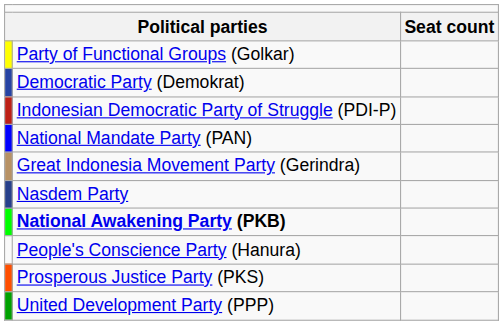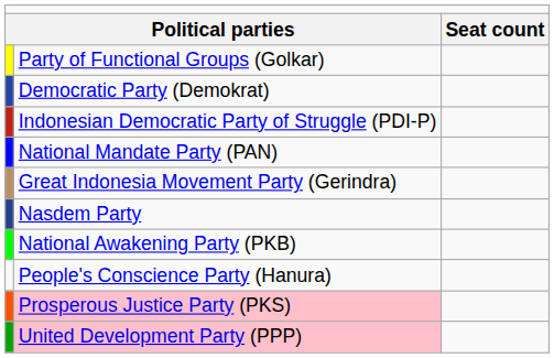 <table class="wikitable">
 <tr>
 <td colspan="4"></td>
 </tr>
 <tr>
 <th colspan="2">Political parties</th>
 <th>Seat count</th>
 </tr>
 <tr>
 <td bgcolor=#FFFF00></td>
 <td><a href='#'>Party of Functional Groups</a> (Golkar)</td>
 <td></td>
 </tr>
 <tr>
 <td bgcolor=#2643A3></td>
 <td><a href='#'>Democratic Party</a> (Demokrat)</td>
 <td></td>
 </tr>
 <tr>
 <td bgcolor=#BD2016></td>
 <td><a href='#'>Indonesian Democratic Party of Struggle</a> (PDI-P)</td>
 <td></td>
 </tr>
 <tr>
 <td bgcolor=#0000FF></td>
 <td><a href='#'>National Mandate Party</a> (PAN)</td>
 <td></td>
 </tr>
 <tr>
 <td bgcolor=#B79164></td>
 <td><a href='#'>Great Indonesia Movement Party</a> (Gerindra)</td>
 <td></td>
 </tr>
 <tr>
 <td bgcolor=#27408B></td>
 <td><a href='#'>Nasdem Party</a></td>
 <td></td>
 </tr>
 <tr>
 <td bgcolor=#00FF00></td>
-<td><strong><a href='#'>National Awakening Party</a> (PKB)</strong></td>
+<td><a href='#'>National Awakening Party</a> (PKB)</td>
 <td></td>
 </tr>
 <tr>
 <td bgcolor=></td>
 <td><a href='#'>People's Conscience Party</a> (Hanura)</td>
 <td></td>
 </tr>
 <tr>
 <td bgcolor=#FF4F00></td>
-<td><a href='#'>Prosperous Justice Party</a> (PKS)</td>
+<td style="background: pink;"><a href='#'>Prosperous Justice Party</a> (PKS)</td>
 <td></td>
 </tr>
 <tr>
 <td bgcolor=#00A100></td>
-<td><a href='#'>United Development Party</a> (PPP)</td>
+<td style="background: pink;"><a href='#'>United Development Party</a> (PPP)</td>
 <td></td>
 </tr>
 </table>
